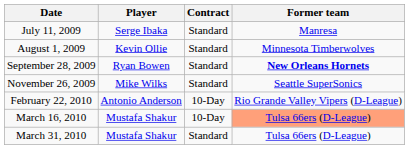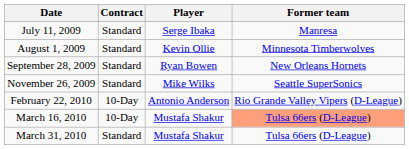 <table class="wikitable sortable sortable" style="text-align: center">
 <tr>
 <th>Date</th>
+<th>Contract</th>
 <th>Player</th>
-<th>Contract</th>
 <th>Former team</th>
 </tr>
 <tr style="text-align: center">
 <td>July 11, 2009</td>
+<td>Standard</td>
 <td><a href='#'>Serge Ibaka</a></td>
-<td>Standard</td>
 <td> <a href='#'>Manresa</a></td>
 </tr>
 <tr style="text-align: center">
 <td>August 1, 2009</td>
+<td>Standard</td>
 <td><a href='#'>Kevin Ollie</a></td>
-<td>Standard</td>
 <td><a href='#'>Minnesota Timberwolves</a></td>
 </tr>
 <tr style="text-align: center">
 <td>September 28, 2009</td>
+<td>Standard</td>
 <td><a href='#'>Ryan Bowen</a></td>
-<td>Standard</td>
-<td><strong><a href='#'>New Orleans Hornets</a></strong></td>
+<td><a href='#'>New Orleans Hornets</a></td>
 </tr>
 <tr style="text-align: center">
 <td>November 26, 2009</td>
+<td>Standard</td>
 <td><a href='#'>Mike Wilks</a></td>
-<td>Standard</td>
 <td><a href='#'>Seattle SuperSonics</a></td>
 </tr>
 <tr style="text-align: center">
 <td>February 22, 2010</td>
+<td>10-Day</td>
 <td><a href='#'>Antonio Anderson</a></td>
-<td>10-Day</td>
 <td><a href='#'>Rio Grande Valley Vipers</a> (<a href='#'>D-League</a>)</td>
 </tr>
 <tr style="text-align: center">
 <td>March 16, 2010</td>
+<td>10-Day</td>
 <td><a href='#'>Mustafa Shakur</a></td>
-<td>10-Day</td>
 <td style="background: lightsalmon;"><a href='#'>Tulsa 66ers</a> (<a href='#'>D-League</a>)</td>
 </tr>
 <tr style="text-align: center">
 <td>March 31, 2010</td>
+<td>Standard</td>
 <td><a href='#'>Mustafa Shakur</a></td>
-<td>Standard</td>
 <td><a href='#'>Tulsa 66ers</a> (<a href='#'>D-League</a>)</td>
 </tr>
 </table>
